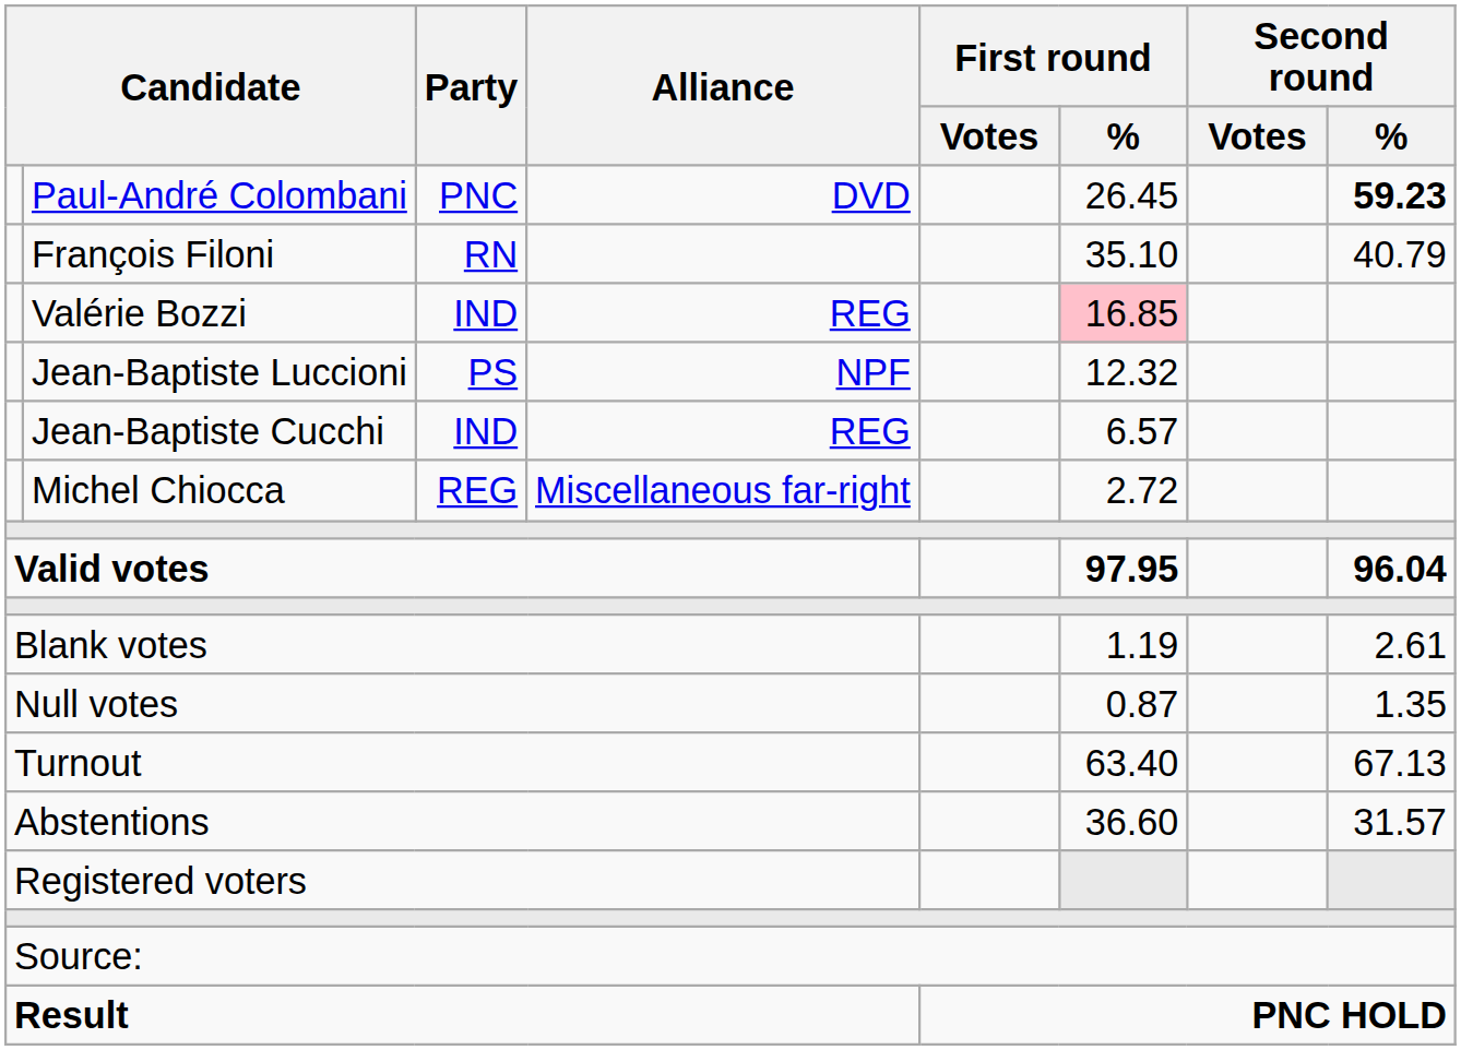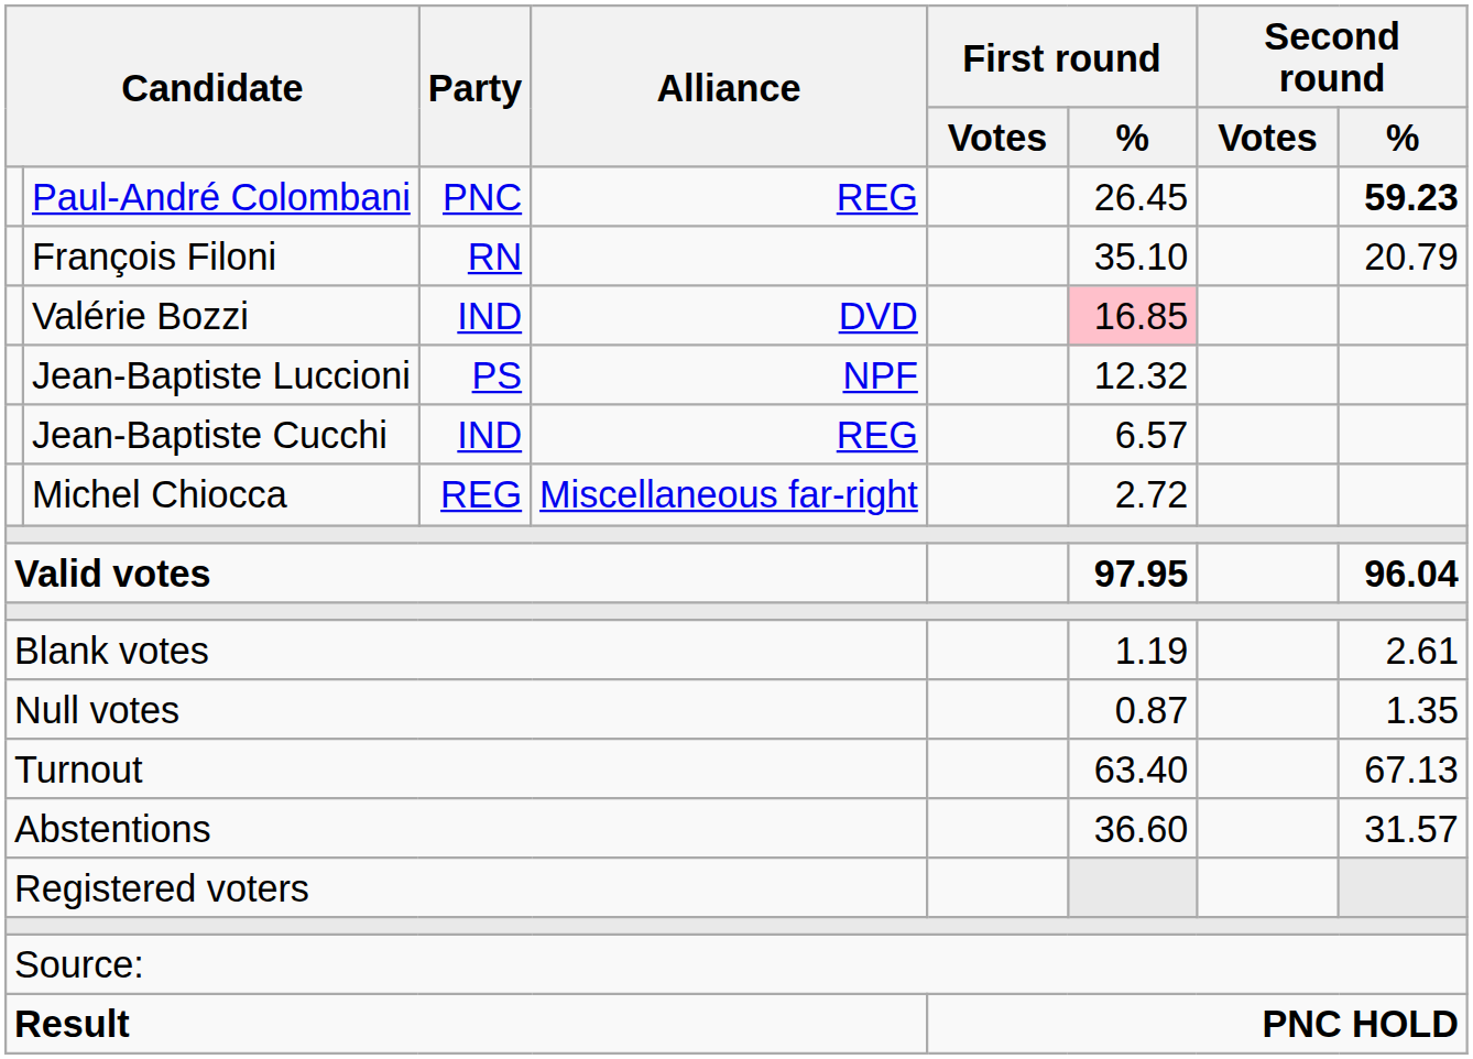 <table class="wikitable" style="text-align:right;font-size:95%;">
 <tr>
 <th colspan="2" rowspan="2">Candidate</th>
 <th colspan="1" rowspan="2">Party</th>
 <th colspan="1" rowspan="2">Alliance</th>
 <th colspan="2">First round</th>
 <th colspan="2">Second round</th>
 </tr>
 <tr>
 <th style="width:50px;">Votes</th>
 <th style="width:45px;">%</th>
 <th style="width:50px;">Votes</th>
 <th style="width:45px;">%</th>
 </tr>
 <tr>
 <td style="color:inherit;background:"></td>
 <td style="text-align:left;"><a href='#'>Paul-André Colombani</a></td>
 <td><a href='#'>PNC</a></td>
-<td><a href='#'>DVD</a></td>
+<td><a href='#'>REG</a></td>
 <td></td>
 <td>26.45</td>
 <td><strong></strong></td>
 <td><strong>59.23</strong></td>
 </tr>
 <tr>
 <td style="color:inherit;background:"></td>
 <td style="text-align:left;">François Filoni</td>
 <td><a href='#'>RN</a></td>
 <td></td>
 <td></td>
 <td>35.10</td>
 <td></td>
-<td>40.79</td>
+<td>20.79</td>
 </tr>
 <tr>
 <td style="color:inherit;background:"></td>
 <td style="text-align:left;">Valérie Bozzi</td>
 <td><a href='#'>IND</a></td>
-<td><a href='#'>REG</a></td>
+<td><a href='#'>DVD</a></td>
 <td></td>
 <td style="background: pink;">16.85</td>
 <td></td>
 <td></td>
 </tr>
 <tr>
 <td style="color:inherit;background:"></td>
 <td style="text-align:left;">Jean-Baptiste Luccioni</td>
 <td><a href='#'>PS</a></td>
 <td><a href='#'>NPF</a></td>
 <td></td>
 <td>12.32</td>
 <td></td>
 <td></td>
 </tr>
 <tr>
 <td style="color:inherit;background:"></td>
 <td style="text-align:left;">Jean-Baptiste Cucchi</td>
 <td><a href='#'>IND</a></td>
 <td><a href='#'>REG</a></td>
 <td></td>
 <td>6.57</td>
 <td></td>
 <td></td>
 </tr>
 <tr>
 <td style="color:inherit;background:"></td>
 <td style="text-align:left;">Michel Chiocca</td>
 <td><a href='#'>REG</a></td>
 <td><a href='#'> Miscellaneous far-right</a></td>
 <td></td>
 <td>2.72</td>
 <td></td>
 <td></td>
 </tr>
 <tr>
 <td colspan="8" style="background:#E9E9E9;"></td>
 </tr>
 <tr style="font-weight:bold;">
 <td colspan="4" style="text-align:left;">Valid votes</td>
 <td></td>
 <td>97.95</td>
 <td></td>
 <td>96.04</td>
 </tr>
 <tr>
 <td colspan="8" style="background:#E9E9E9;"></td>
 </tr>
 <tr>
 <td colspan="4" style="text-align:left;">Blank votes</td>
 <td></td>
 <td>1.19</td>
 <td></td>
 <td>2.61</td>
 </tr>
 <tr>
 <td colspan="4" style="text-align:left;">Null votes</td>
 <td></td>
 <td>0.87</td>
 <td></td>
 <td>1.35</td>
 </tr>
 <tr>
 <td colspan="4" style="text-align:left;">Turnout</td>
 <td></td>
 <td>63.40</td>
 <td></td>
 <td>67.13</td>
 </tr>
 <tr>
 <td colspan="4" style="text-align:left;">Abstentions</td>
 <td></td>
 <td>36.60</td>
 <td></td>
 <td>31.57</td>
 </tr>
 <tr>
 <td colspan="4" style="text-align:left;">Registered voters</td>
 <td></td>
 <td style="background:#E9E9E9;"></td>
 <td></td>
 <td style="background:#E9E9E9;"></td>
 </tr>
 <tr>
 <td colspan="8" style="background:#E9E9E9;"></td>
 </tr>
 <tr>
 <td colspan="8" style="text-align:left;">Source: </td>
 </tr>
 <tr style="font-weight:bold">
 <td colspan="4" style="text-align:left;">Result</td>
 <td colspan="4" style="background-color:">PNC HOLD</td>
 </tr>
 </table>
